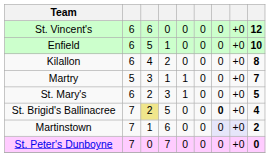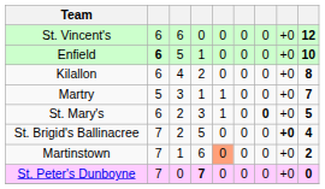 <table class="wikitable" style="text-align:center">
 <tr>
 <th width="175">Team</th>
 <th width="20"></th>
 <th width="20"></th>
 <th width="20"></th>
 <th width="20"></th>
 <th width="20"></th>
 <th width="20"></th>
 <th width="20"></th>
 <th width="20"></th>
 </tr>
 <tr style="background:#cfc;">
 <td>St. Vincent's</td>
 <td>6</td>
 <td>6</td>
 <td>0</td>
 <td>0</td>
 <td>0</td>
 <td>0</td>
 <td>+0</td>
 <td><strong>12</strong></td>
 </tr>
 <tr style="background:#cfc;">
 <td>Enfield</td>
-<td>6</td>
+<td><strong>6</strong></td>
 <td>5</td>
 <td>1</td>
 <td>0</td>
 <td>0</td>
 <td>0</td>
 <td>+0</td>
 <td><strong>10</strong></td>
 </tr>
 <tr>
 <td>Kilallon</td>
 <td>6</td>
 <td>4</td>
 <td>2</td>
 <td>0</td>
 <td>0</td>
 <td>0</td>
 <td>+0</td>
 <td><strong>8</strong></td>
 </tr>
 <tr>
 <td>Martry</td>
 <td>5</td>
 <td>3</td>
 <td>1</td>
 <td>1</td>
 <td>0</td>
 <td>0</td>
 <td>+0</td>
 <td><strong>7</strong></td>
 </tr>
 <tr>
 <td>St. Mary's</td>
 <td>6</td>
 <td>2</td>
 <td>3</td>
 <td>1</td>
 <td>0</td>
-<td>0</td>
+<td><strong>0</strong></td>
 <td>+0</td>
 <td><strong>5</strong></td>
 </tr>
 <tr>
 <td>St. Brigid's Ballinacree</td>
 <td>7</td>
-<td style="background: khaki;">2</td>
+<td>2</td>
 <td>5</td>
 <td>0</td>
 <td>0</td>
-<td><strong>0</strong></td>
-<td>+0</td>
+<td>0</td>
+<td><strong>+0</strong></td>
 <td><strong>4</strong></td>
 </tr>
 <tr>
 <td>Martinstown</td>
 <td>7</td>
 <td>1</td>
 <td>6</td>
+<td style="background: lightsalmon;">0</td>
 <td>0</td>
 <td>0</td>
-<td style="background: lavender;">0</td>
-<td style="background: lavender;">+0</td>
+<td>+0</td>
 <td><strong>2</strong></td>
 </tr>
 <tr style="background:#fcf;">
 <td><a href='#'>St. Peter's Dunboyne</a></td>
 <td>7</td>
 <td>0</td>
-<td>7</td>
+<td><strong>7</strong></td>
 <td>0</td>
 <td>0</td>
 <td>0</td>
 <td>+0</td>
 <td><strong>0</strong></td>
 </tr>
 <tr>
 </tr>
 </table>
